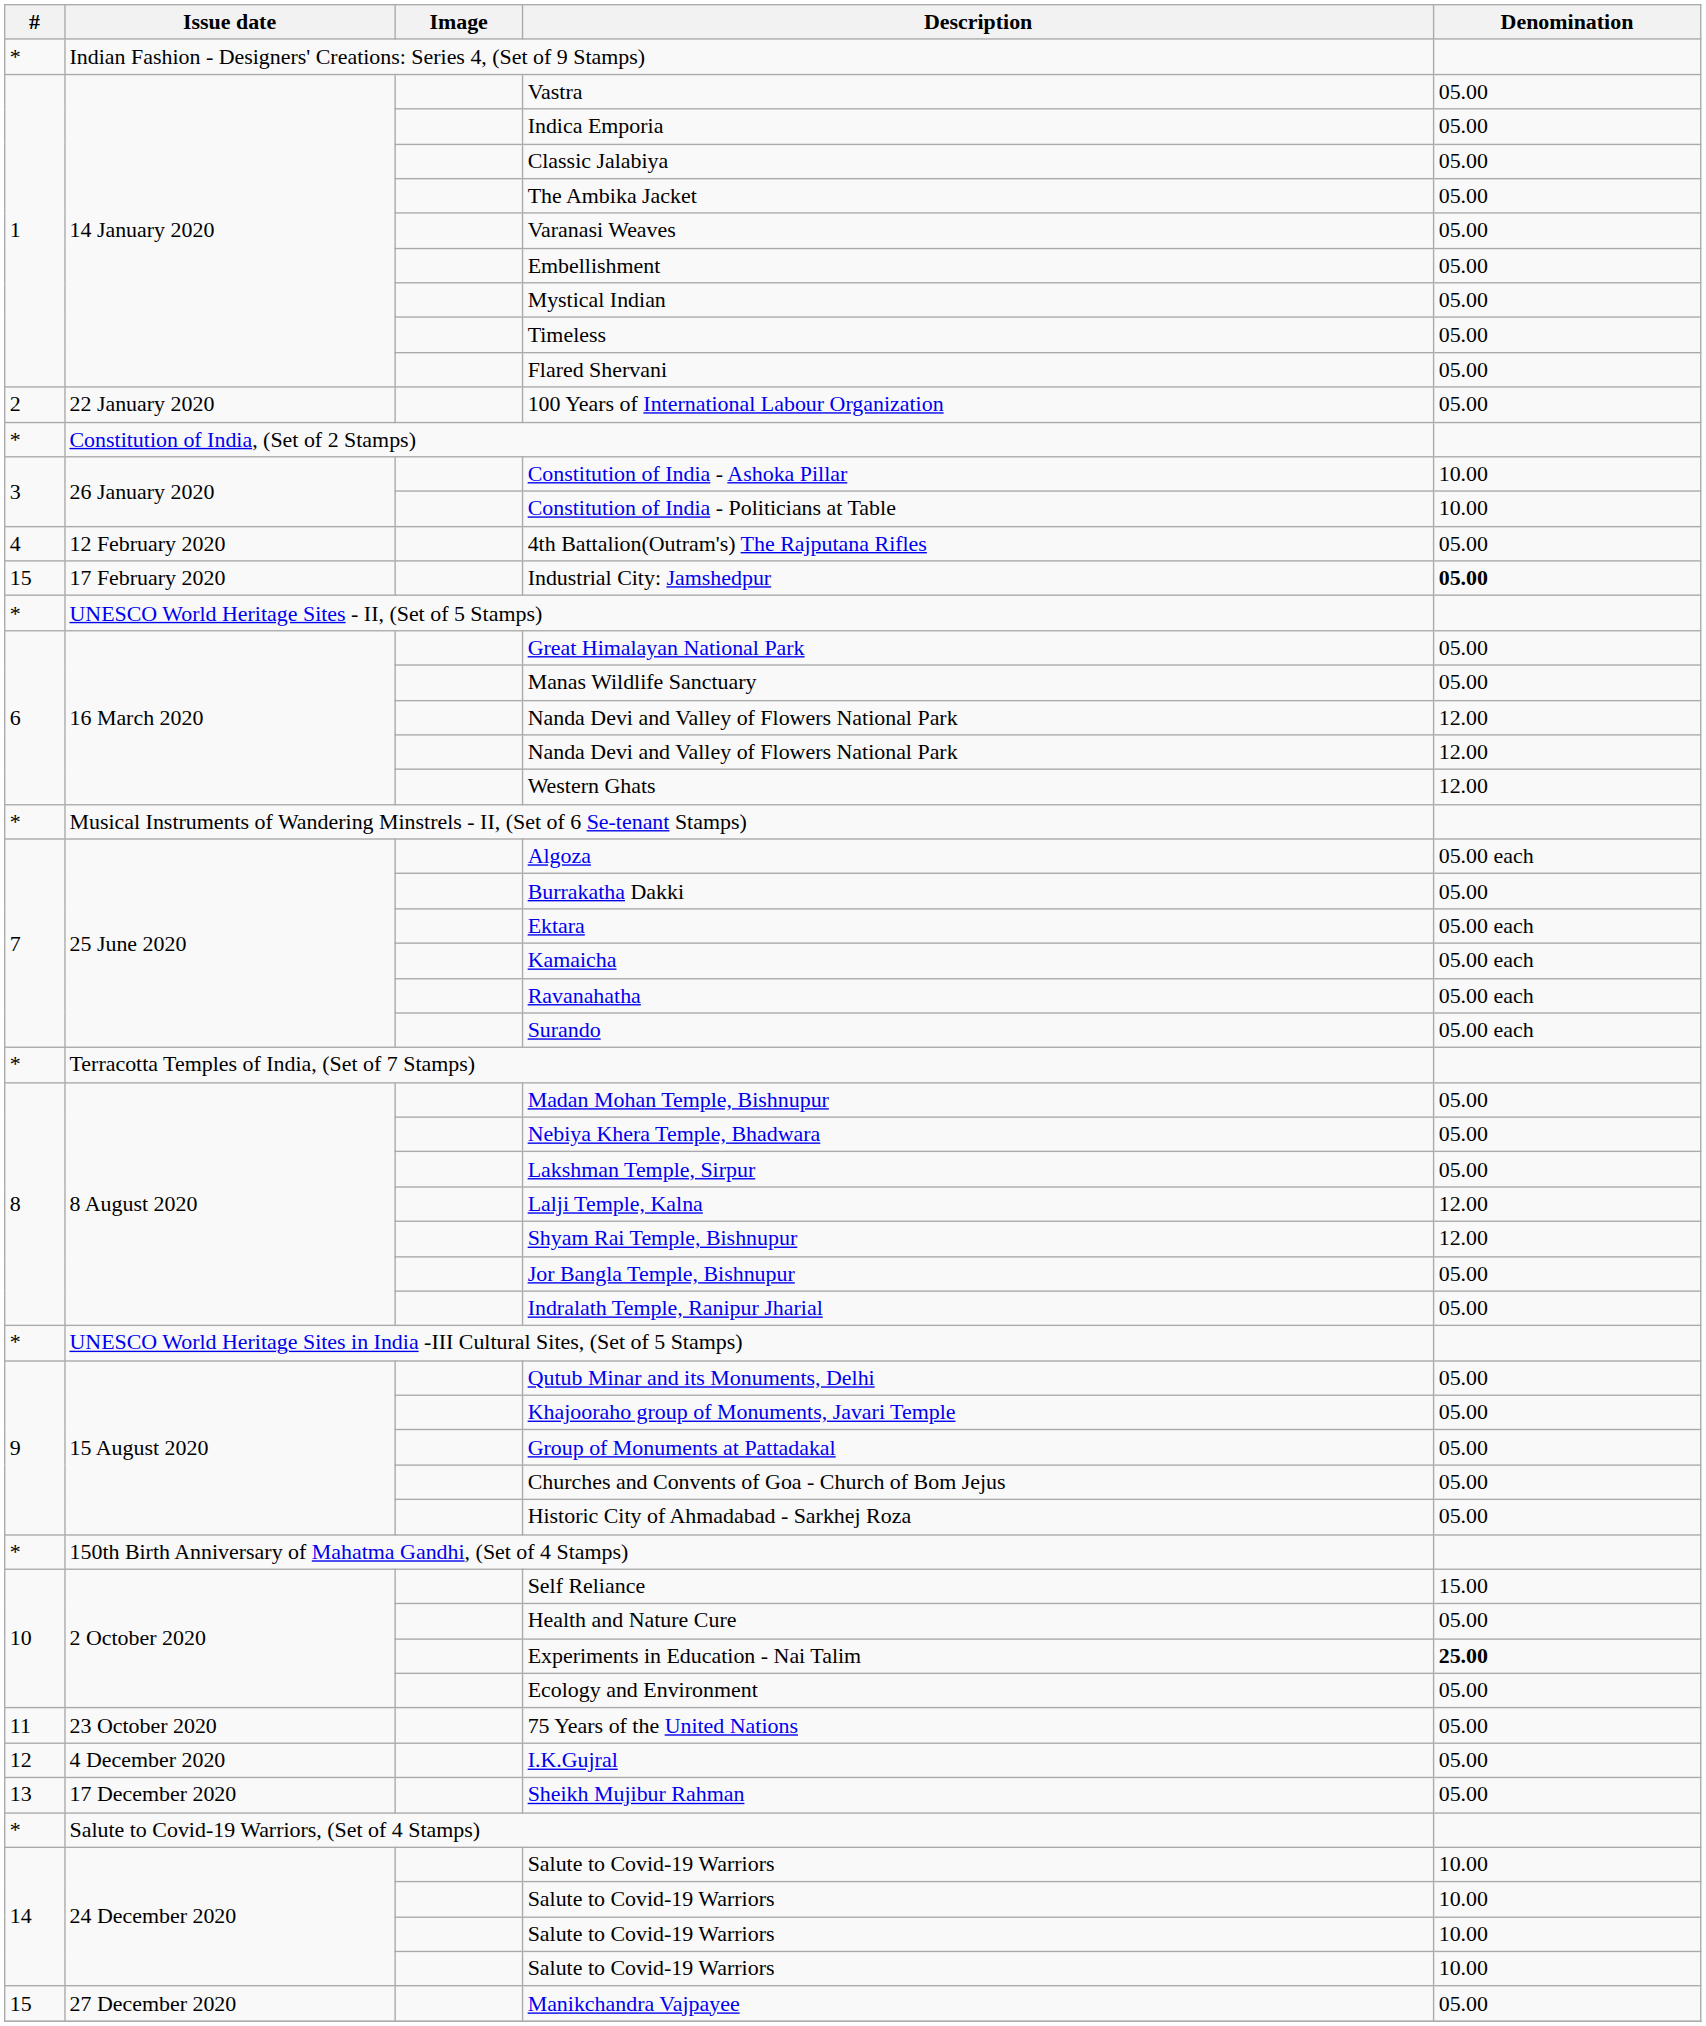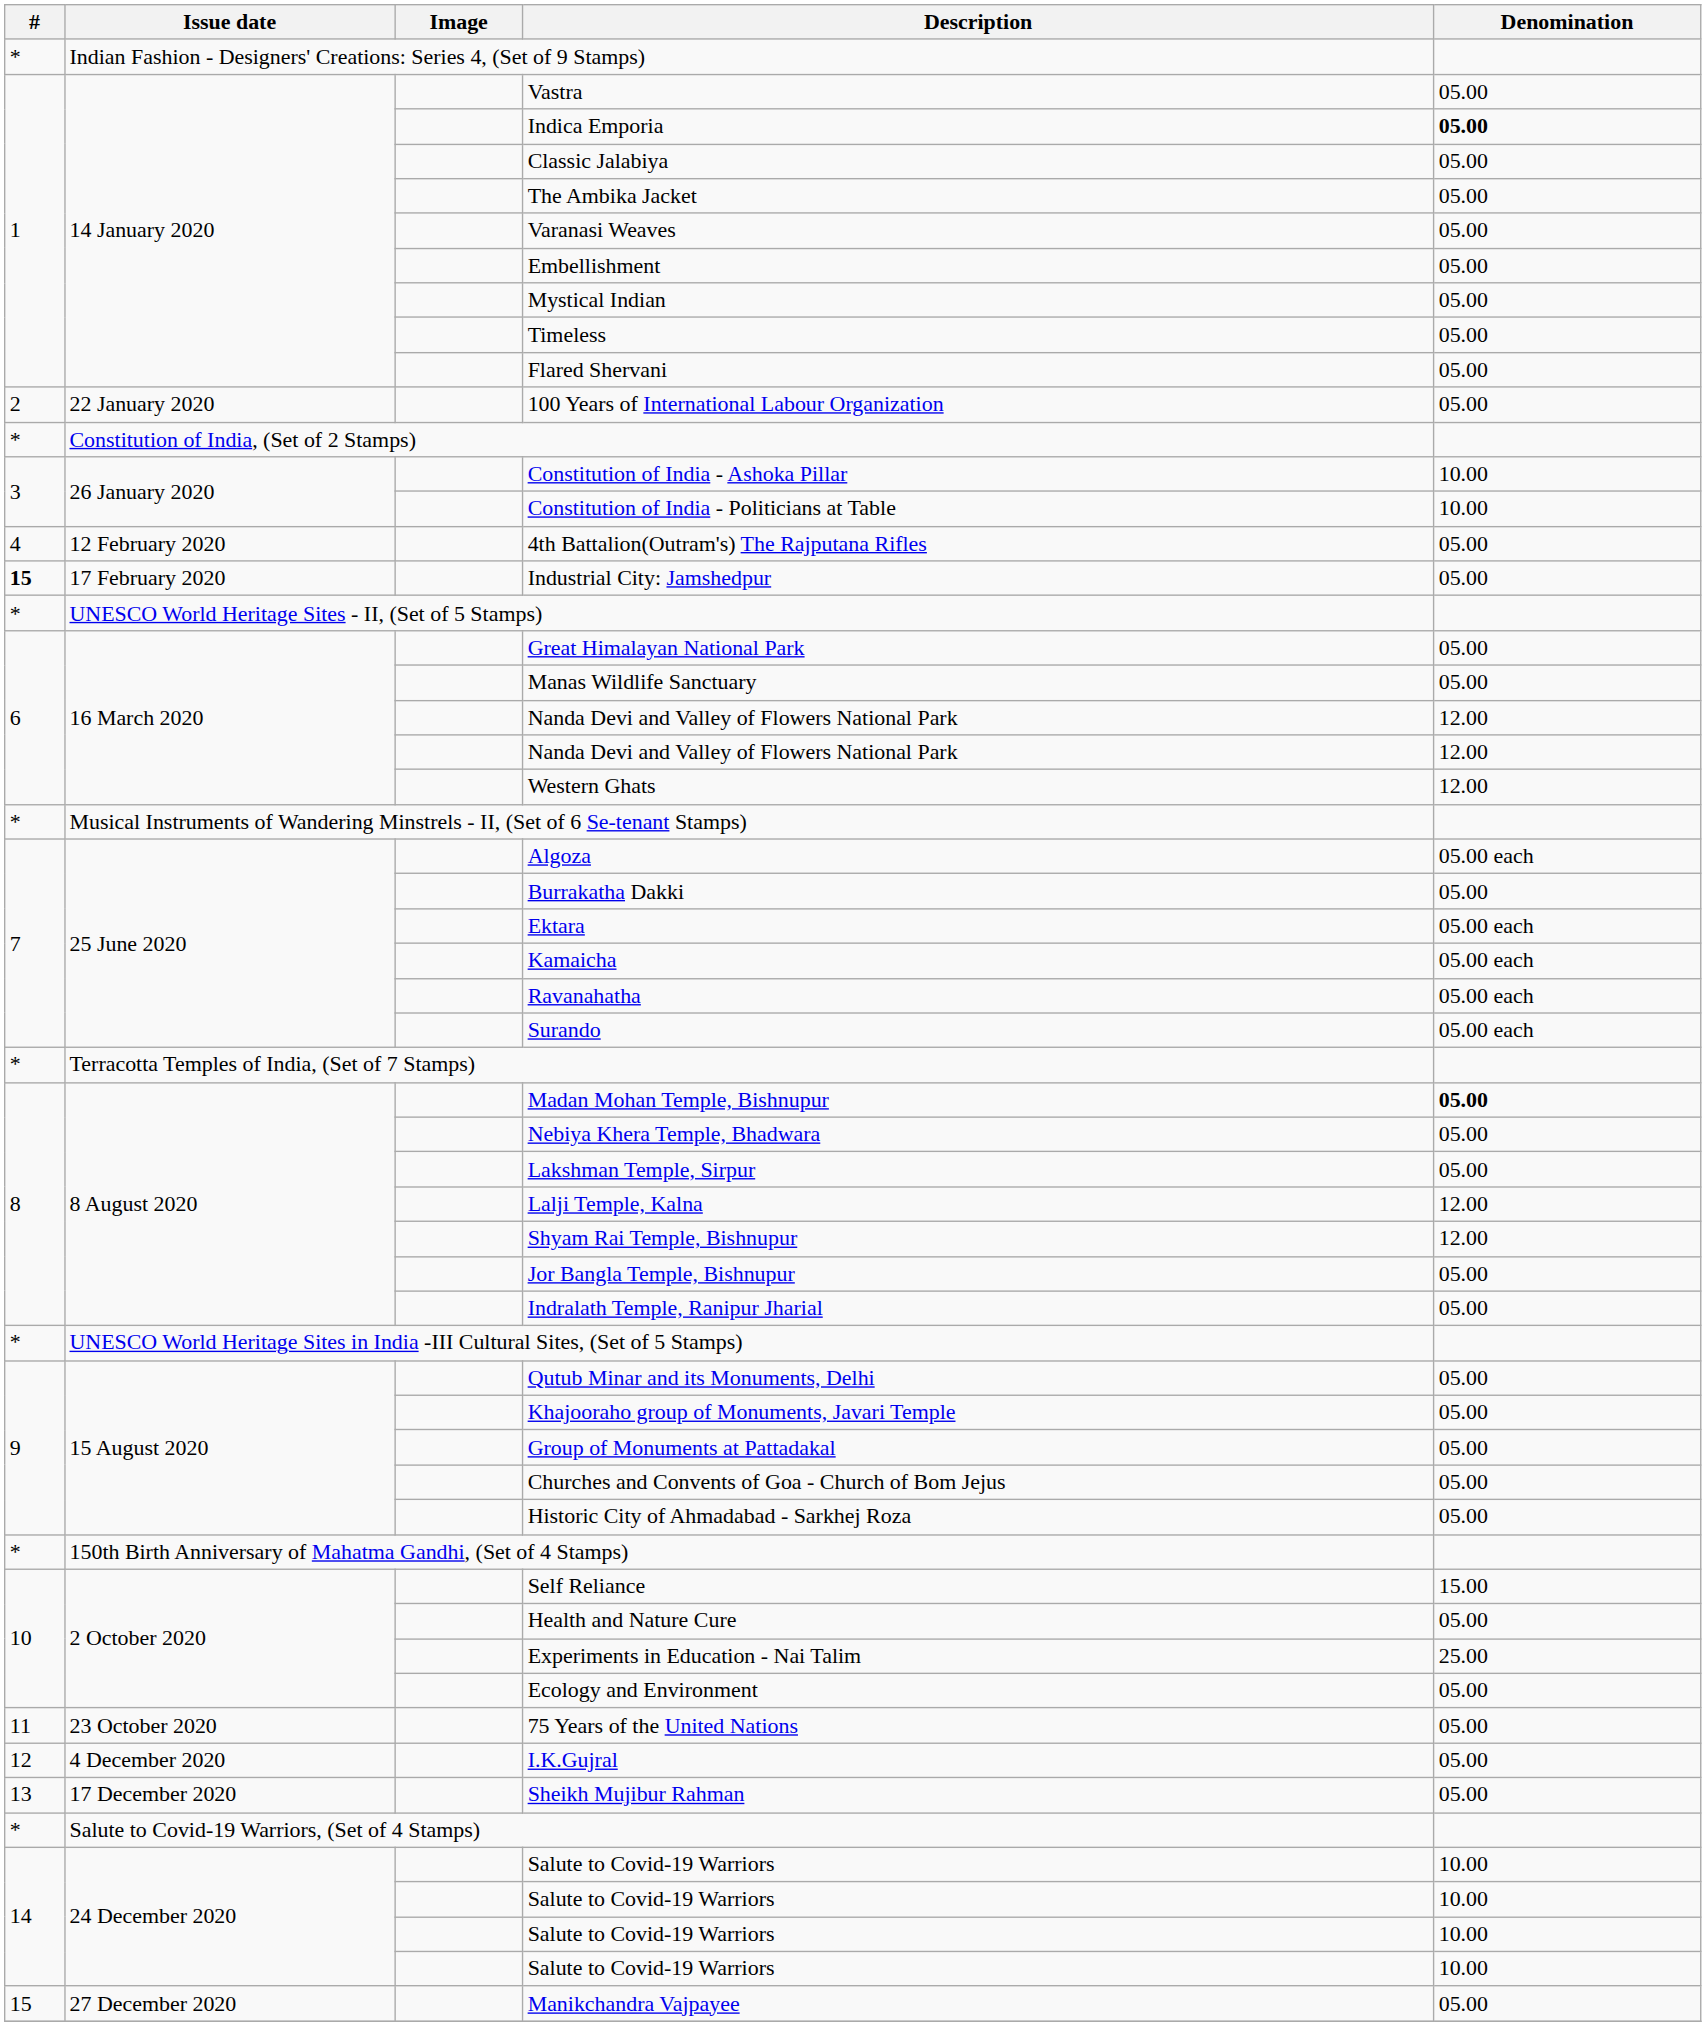 <table class="wikitable" style="text-align:justify" width="98%">
 <tr>
 <th>#</th>
 <th>Issue date</th>
 <th>Image</th>
 <th>Description</th>
 <th>Denomination</th>
 </tr>
 <tr>
 <td>*</td>
 <td colspan="3">Indian Fashion - Designers' Creations: Series 4, (Set of 9 Stamps)</td>
 <td></td>
 </tr>
 <tr>
 <td rowspan="9">1</td>
 <td rowspan="9">14 January 2020</td>
 <td></td>
 <td>Vastra</td>
 <td>05.00</td>
 </tr>
 <tr>
 <td></td>
 <td>Indica Emporia</td>
-<td>05.00</td>
+<td><strong>05.00</strong></td>
 </tr>
 <tr>
 <td></td>
 <td>Classic Jalabiya</td>
 <td>05.00</td>
 </tr>
 <tr>
 <td></td>
 <td>The Ambika Jacket</td>
 <td>05.00</td>
 </tr>
 <tr>
 <td></td>
 <td>Varanasi Weaves</td>
 <td>05.00</td>
 </tr>
 <tr>
 <td></td>
 <td>Embellishment</td>
 <td>05.00</td>
 </tr>
 <tr>
 <td></td>
 <td>Mystical Indian</td>
 <td>05.00</td>
 </tr>
 <tr>
 <td></td>
 <td>Timeless</td>
 <td>05.00</td>
 </tr>
 <tr>
 <td></td>
 <td>Flared Shervani</td>
 <td>05.00</td>
 </tr>
 <tr>
 <td>2</td>
 <td>22 January 2020</td>
 <td></td>
 <td>100 Years of <a href='#'>International Labour Organization</a></td>
 <td>05.00</td>
 </tr>
 <tr>
 <td>*</td>
 <td colspan="3"><a href='#'>Constitution of India</a>, (Set of 2 Stamps)</td>
 <td></td>
 </tr>
 <tr>
 <td rowspan="2">3</td>
 <td rowspan="2">26 January 2020</td>
 <td></td>
 <td><a href='#'>Constitution of India</a> - <a href='#'>Ashoka Pillar</a></td>
 <td>10.00</td>
 </tr>
 <tr>
 <td></td>
 <td><a href='#'>Constitution of India</a> - Politicians at Table</td>
 <td>10.00</td>
 </tr>
 <tr>
 <td>4</td>
 <td>12 February 2020</td>
 <td></td>
 <td>4th Battalion(Outram's) <a href='#'>The Rajputana Rifles</a></td>
 <td>05.00</td>
 </tr>
 <tr>
-<td>15</td>
+<td><strong>15</strong></td>
 <td>17 February 2020</td>
 <td></td>
 <td>Industrial City: <a href='#'>Jamshedpur</a></td>
-<td><strong>05.00</strong></td>
+<td>05.00</td>
 </tr>
 <tr>
 <td>*</td>
 <td colspan="3"><a href='#'>UNESCO World Heritage Sites</a> - II, (Set of 5 Stamps)</td>
 <td></td>
 </tr>
 <tr>
 <td rowspan="5">6</td>
 <td rowspan="5">16 March 2020</td>
 <td></td>
 <td><a href='#'>Great Himalayan National Park</a></td>
 <td>05.00</td>
 </tr>
 <tr>
 <td></td>
 <td>Manas Wildlife Sanctuary</td>
 <td>05.00</td>
 </tr>
 <tr>
 <td></td>
 <td>Nanda Devi and Valley of Flowers National Park</td>
 <td>12.00</td>
 </tr>
 <tr>
 <td></td>
 <td>Nanda Devi and Valley of Flowers National Park</td>
 <td>12.00</td>
 </tr>
 <tr>
 <td></td>
 <td>Western Ghats</td>
 <td>12.00</td>
 </tr>
 <tr>
 <td>*</td>
 <td colspan="3">Musical Instruments of Wandering Minstrels - II, (Set of 6 <a href='#'>Se-tenant</a> Stamps)</td>
 <td></td>
 </tr>
 <tr>
 <td rowspan="6">7</td>
 <td rowspan="6">25 June 2020</td>
 <td></td>
 <td><a href='#'>Algoza</a></td>
 <td>05.00 each</td>
 </tr>
 <tr>
 <td></td>
 <td><a href='#'>Burrakatha</a> Dakki</td>
 <td>05.00</td>
 </tr>
 <tr>
 <td></td>
 <td><a href='#'>Ektara</a></td>
 <td>05.00 each</td>
 </tr>
 <tr>
 <td></td>
 <td><a href='#'>Kamaicha</a></td>
 <td>05.00 each</td>
 </tr>
 <tr>
 <td></td>
 <td><a href='#'>Ravanahatha</a></td>
 <td>05.00 each</td>
 </tr>
 <tr>
 <td></td>
 <td><a href='#'>Surando</a></td>
 <td>05.00 each</td>
 </tr>
 <tr>
 <td>*</td>
 <td colspan="3">Terracotta Temples of India, (Set of 7 Stamps)</td>
 <td></td>
 </tr>
 <tr>
 <td rowspan="7">8</td>
 <td rowspan="7">8 August 2020</td>
 <td></td>
 <td><a href='#'>Madan Mohan Temple, Bishnupur</a></td>
-<td>05.00</td>
+<td><strong>05.00</strong></td>
 </tr>
 <tr>
 <td></td>
 <td><a href='#'>Nebiya Khera Temple, Bhadwara</a></td>
 <td>05.00</td>
 </tr>
 <tr>
 <td></td>
 <td><a href='#'>Lakshman Temple, Sirpur</a></td>
 <td>05.00</td>
 </tr>
 <tr>
 <td></td>
 <td><a href='#'>Lalji Temple, Kalna</a></td>
 <td>12.00</td>
 </tr>
 <tr>
 <td></td>
 <td><a href='#'>Shyam Rai Temple, Bishnupur</a></td>
 <td>12.00</td>
 </tr>
 <tr>
 <td></td>
 <td><a href='#'>Jor Bangla Temple, Bishnupur</a></td>
 <td>05.00</td>
 </tr>
 <tr>
 <td></td>
 <td><a href='#'>Indralath Temple, Ranipur Jharial</a></td>
 <td>05.00</td>
 </tr>
 <tr>
 <td>*</td>
 <td colspan="3"><a href='#'>UNESCO World Heritage Sites in India</a> -III Cultural Sites, (Set of 5 Stamps)</td>
 <td></td>
 </tr>
 <tr>
 <td rowspan="5">9</td>
 <td rowspan="5">15 August 2020</td>
 <td></td>
 <td><a href='#'>Qutub Minar and its Monuments, Delhi</a></td>
 <td>05.00</td>
 </tr>
 <tr>
 <td></td>
 <td><a href='#'>Khajooraho group of Monuments, Javari Temple</a></td>
 <td>05.00</td>
 </tr>
 <tr>
 <td></td>
 <td><a href='#'>Group of Monuments at Pattadakal</a></td>
 <td>05.00</td>
 </tr>
 <tr>
 <td></td>
 <td>Churches and Convents of Goa - Church of Bom Jejus</td>
 <td>05.00</td>
 </tr>
 <tr>
 <td></td>
 <td>Historic City of Ahmadabad - Sarkhej Roza</td>
 <td>05.00</td>
 </tr>
 <tr>
 <td>*</td>
 <td colspan="3">150th Birth Anniversary of <a href='#'>Mahatma Gandhi</a>, (Set of 4 Stamps)</td>
 <td></td>
 </tr>
 <tr>
 <td rowspan="4">10</td>
 <td rowspan="4">2 October 2020</td>
 <td></td>
 <td>Self Reliance</td>
 <td>15.00</td>
 </tr>
 <tr>
 <td></td>
 <td>Health and Nature Cure</td>
 <td>05.00</td>
 </tr>
 <tr>
 <td></td>
 <td>Experiments in Education - Nai Talim</td>
-<td><strong>25.00</strong></td>
+<td>25.00</td>
 </tr>
 <tr>
 <td></td>
 <td>Ecology and Environment</td>
 <td>05.00</td>
 </tr>
 <tr>
 <td>11</td>
 <td>23 October 2020</td>
 <td></td>
 <td>75 Years of the <a href='#'>United Nations</a></td>
 <td>05.00</td>
 </tr>
 <tr>
 <td>12</td>
 <td>4 December 2020</td>
 <td></td>
 <td><a href='#'>I.K.Gujral</a></td>
 <td>05.00</td>
 </tr>
 <tr>
 <td>13</td>
 <td>17 December 2020</td>
 <td></td>
 <td><a href='#'>Sheikh Mujibur Rahman</a></td>
 <td>05.00</td>
 </tr>
 <tr>
 <td>*</td>
 <td colspan="3">Salute to Covid-19 Warriors, (Set of 4 Stamps)</td>
 <td></td>
 </tr>
 <tr>
 <td rowspan="4">14</td>
 <td rowspan="4">24 December 2020</td>
 <td></td>
 <td>Salute to Covid-19 Warriors</td>
 <td>10.00</td>
 </tr>
 <tr>
 <td></td>
 <td>Salute to Covid-19 Warriors</td>
 <td>10.00</td>
 </tr>
 <tr>
 <td></td>
 <td>Salute to Covid-19 Warriors</td>
 <td>10.00</td>
 </tr>
 <tr>
 <td></td>
 <td>Salute to Covid-19 Warriors</td>
 <td>10.00</td>
 </tr>
 <tr>
 <td>15</td>
 <td>27 December 2020</td>
 <td></td>
 <td><a href='#'>Manikchandra Vajpayee</a></td>
 <td>05.00</td>
 </tr>
 <tr>
 </tr>
 </table>
